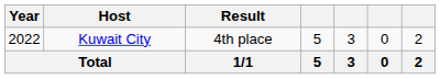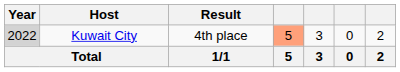 <table class="wikitable" style="text-align:center">
 <tr>
 <th width=30>Year</th>
 <th width=150>Host</th>
 <th width=120>Result</th>
 <th width=30></th>
 <th width=30></th>
 <th width=30></th>
 <th width=30></th>
 </tr>
 <tr>
-<td>2022</td>
+<td style="background: lightgrey;">2022</td>
 <td> <a href='#'>Kuwait City</a></td>
 <td>4th place</td>
-<td>5</td>
+<td style="background: lightsalmon;">5</td>
 <td>3</td>
 <td>0</td>
 <td>2</td>
 </tr>
 <tr>
 <th colspan=2>Total</th>
 <th>1/1</th>
 <th>5</th>
 <th>3</th>
 <th>0</th>
 <th>2</th>
 </tr>
 </table>
